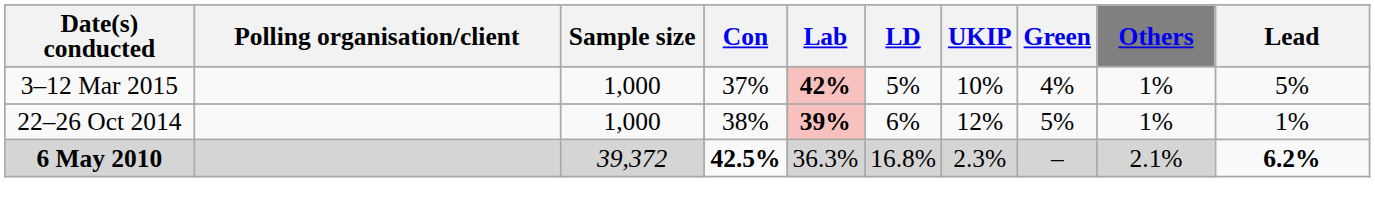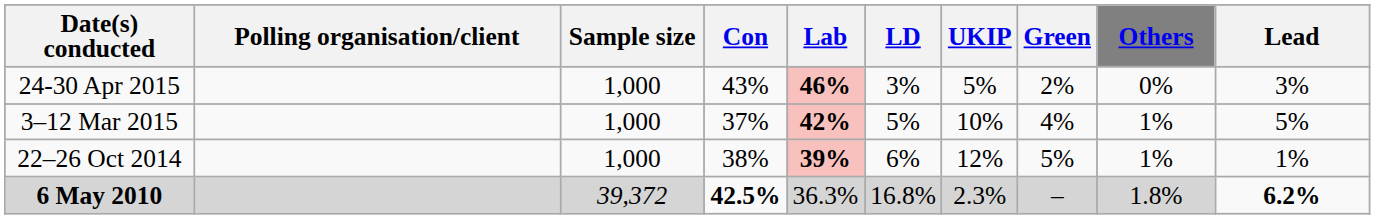 <table class="wikitable sortable" style="text-align:center;font-size:90%;line-height:14px">
 <tr>
 <th ! style="width:100px;">Date(s)<br>conducted</th>
 <th style="width:200px;">Polling organisation/client</th>
 <th class="unsortable" style="width:75px;">Sample size</th>
 <th class="unsortable" style="background:"><a href='#'><span>Con</span></a></th>
 <th class="unsortable" style="background:"><a href='#'><span>Lab</span></a></th>
 <th class="unsortable" style="background:"><a href='#'><span>LD</span></a></th>
 <th class="unsortable" style="background:"><a href='#'><span>UKIP</span></a></th>
 <th class="unsortable" style="background:"><a href='#'><span>Green</span></a></th>
 <th class="unsortable" style="background:gray; width:60px;"><a href='#'><span>Others</span></a></th>
 <th class="unsortable" style="width:80px;">Lead</th>
+</tr>
+<tr>
+<td>24-30 Apr 2015</td>
+<td></td>
+<td>1,000</td>
+<td>43%</td>
+<td style="background:#F8C1BE"><strong>46%</strong></td>
+<td>3%</td>
+<td>5%</td>
+<td>2%</td>
+<td>0%</td>
+<td style="background:">3%</td>
 </tr>
 <tr>
 <td>3–12 Mar 2015</td>
 <td></td>
 <td>1,000</td>
 <td>37%</td>
 <td style="background:#F8C1BE"><strong>42%</strong></td>
 <td>5%</td>
 <td>10%</td>
 <td>4%</td>
 <td>1%</td>
 <td style="background:">5%</td>
 </tr>
 <tr>
 <td>22–26 Oct 2014</td>
 <td></td>
 <td>1,000</td>
 <td>38%</td>
 <td style="background:#F8C1BE"><strong>39%</strong></td>
 <td>6%</td>
 <td>12%</td>
 <td>5%</td>
 <td>1%</td>
 <td style="background:">1%</td>
 </tr>
 <tr>
 <td style="background:#D5D5D5"><strong>6 May 2010</strong></td>
 <td style="background:#D5D5D5"></td>
 <td style="background:#D5D5D5"><em>39,372</em></td>
 <td style="background:"><strong>42.5%</strong></td>
 <td style="background:#D5D5D5">36.3%</td>
 <td style="background:#D5D5D5">16.8%</td>
 <td style="background:#D5D5D5">2.3%</td>
 <td style="background:#D5D5D5">–</td>
-<td style="background:#D5D5D5">2.1%</td>
+<td style="background:#D5D5D5">1.8%</td>
 <td style="background:"><strong>6.2% </strong></td>
 </tr>
 </table>
